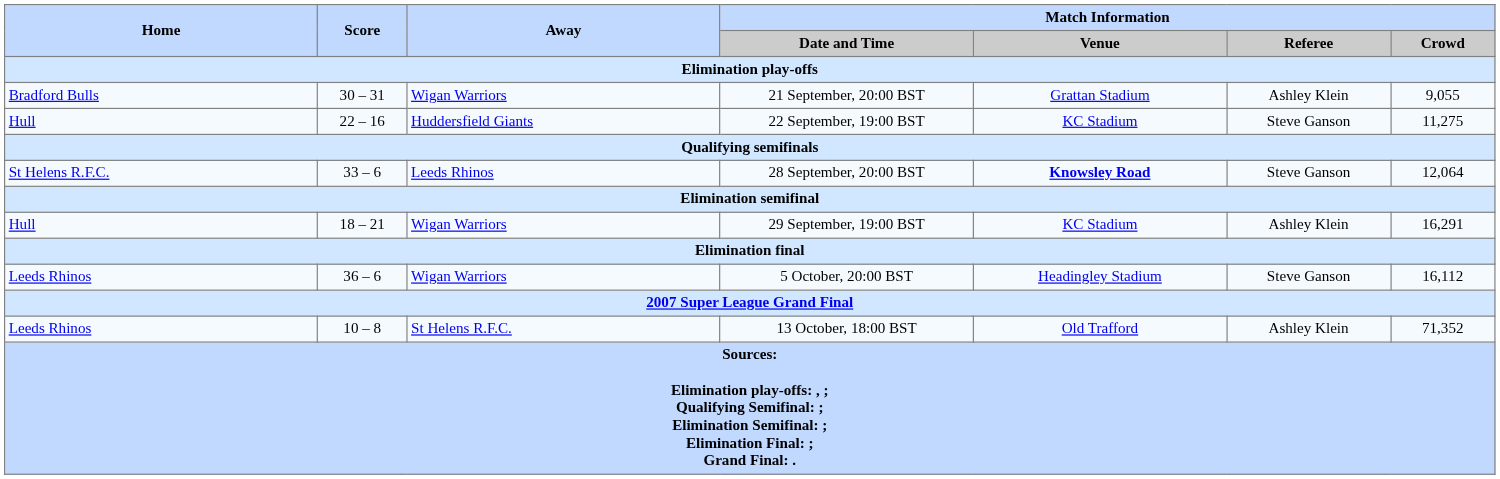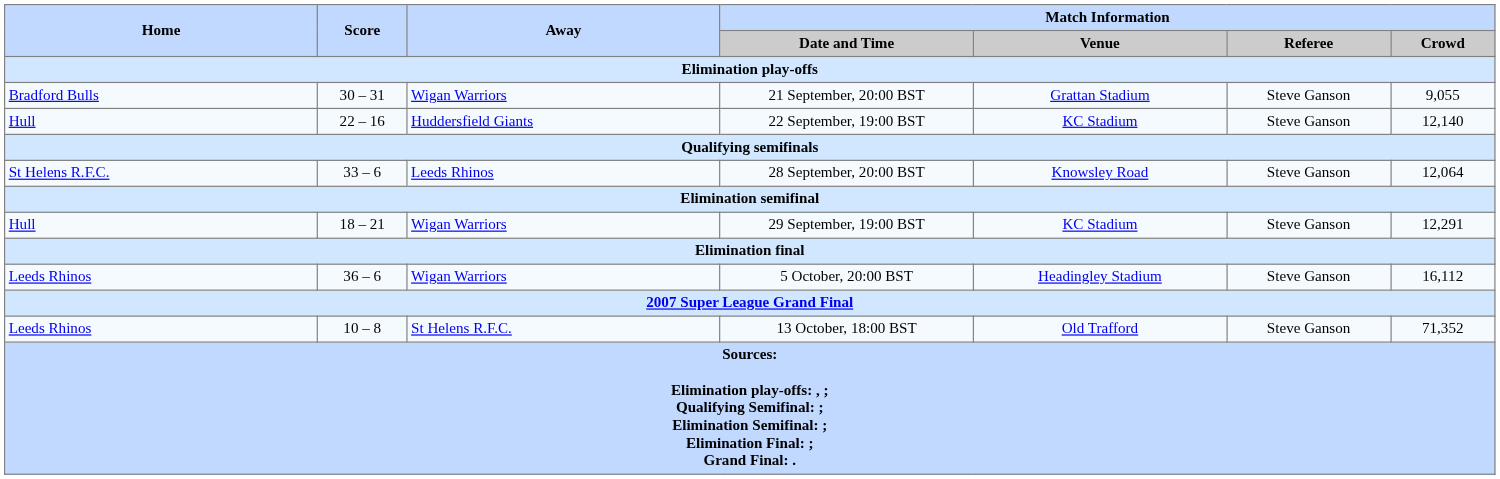 <table border="1" cellpadding="3" cellspacing="0" style="border-collapse:collapse; font-size:80%; text-align:center; width:100%;">
 <tr style="background:#c1d8ff;">
 <th rowspan="2" style="width:21%;">Home</th>
 <th rowspan="2" style="width:6%;">Score</th>
 <th rowspan="2" style="width:21%;">Away</th>
 <th colspan=6>Match Information</th>
 </tr>
 <tr style="background:#ccc;">
 <th width=17%>Date and Time</th>
 <th width=17%>Venue</th>
 <th width=11%>Referee</th>
 <th width=7%>Crowd</th>
 </tr>
 <tr style="background:#d0e7ff;">
 <td colspan=7><strong>Elimination play-offs</strong></td>
 </tr>
 <tr style="background:#f5faff;">
 <td align=left> <a href='#'>Bradford Bulls</a></td>
 <td>30 – 31</td>
 <td align=left> <a href='#'>Wigan Warriors</a></td>
 <td>21 September, 20:00 BST</td>
 <td><a href='#'>Grattan Stadium</a></td>
-<td>Ashley Klein</td>
+<td>Steve Ganson</td>
 <td>9,055</td>
 </tr>
 <tr style="background:#f5faff;">
 <td align=left> <a href='#'>Hull</a></td>
 <td>22 – 16</td>
 <td align=left> <a href='#'>Huddersfield Giants</a></td>
 <td>22 September, 19:00 BST</td>
 <td><a href='#'>KC Stadium</a></td>
 <td>Steve Ganson</td>
-<td>11,275</td>
+<td>12,140</td>
 </tr>
 <tr style="background:#d0e7ff;">
 <td colspan=7><strong>Qualifying semifinals</strong></td>
 </tr>
 <tr style="background:#f5faff;">
 <td align=left> <a href='#'>St Helens R.F.C.</a></td>
 <td>33 – 6</td>
 <td align=left> <a href='#'>Leeds Rhinos</a></td>
 <td>28 September, 20:00 BST</td>
-<td><strong><a href='#'>Knowsley Road</a></strong></td>
+<td><a href='#'>Knowsley Road</a></td>
 <td>Steve Ganson</td>
 <td>12,064</td>
 </tr>
 <tr style="background:#d0e7ff;">
 <td colspan=7><strong>Elimination semifinal</strong></td>
 </tr>
 <tr style="background:#f5faff;">
 <td align=left> <a href='#'>Hull</a></td>
 <td>18 – 21</td>
 <td align=left> <a href='#'>Wigan Warriors</a></td>
 <td>29 September, 19:00 BST</td>
 <td><a href='#'>KC Stadium</a></td>
-<td>Ashley Klein</td>
-<td>16,291</td>
+<td>Steve Ganson</td>
+<td>12,291</td>
 </tr>
 <tr style="background:#d0e7ff;">
 <td colspan=7><strong>Elimination final</strong></td>
 </tr>
 <tr style="background:#f5faff;">
 <td align=left> <a href='#'>Leeds Rhinos</a></td>
 <td>36 – 6</td>
 <td align=left> <a href='#'>Wigan Warriors</a></td>
 <td>5 October, 20:00 BST</td>
 <td><a href='#'>Headingley Stadium</a></td>
 <td>Steve Ganson</td>
 <td>16,112</td>
 </tr>
 <tr style="background:#d0e7ff;">
 <td colspan=7><strong><a href='#'>2007 Super League Grand Final</a></strong></td>
 </tr>
 <tr style="background:#f5faff;">
 <td align=left> <a href='#'>Leeds Rhinos</a></td>
 <td>10 – 8</td>
 <td align=left> <a href='#'>St Helens R.F.C.</a></td>
 <td>13 October, 18:00 BST</td>
 <td><a href='#'>Old Trafford</a></td>
-<td>Ashley Klein</td>
+<td>Steve Ganson</td>
 <td>71,352</td>
 </tr>
 <tr style="background:#c1d8ff;">
 <th colspan=10>Sources:<br><br>Elimination play-offs: , ;<br> Qualifying Semifinal: ;<br> Elimination Semifinal: ;<br> Elimination Final: ;<br> Grand Final: .</th>
 </tr>
 </table>
